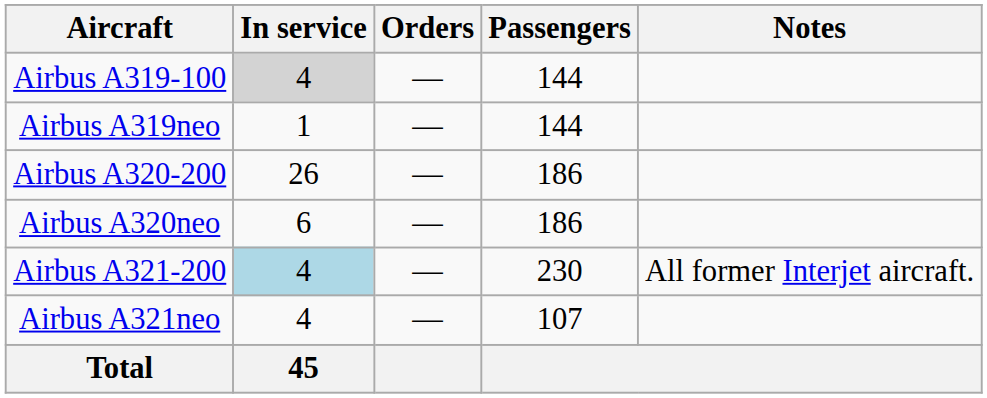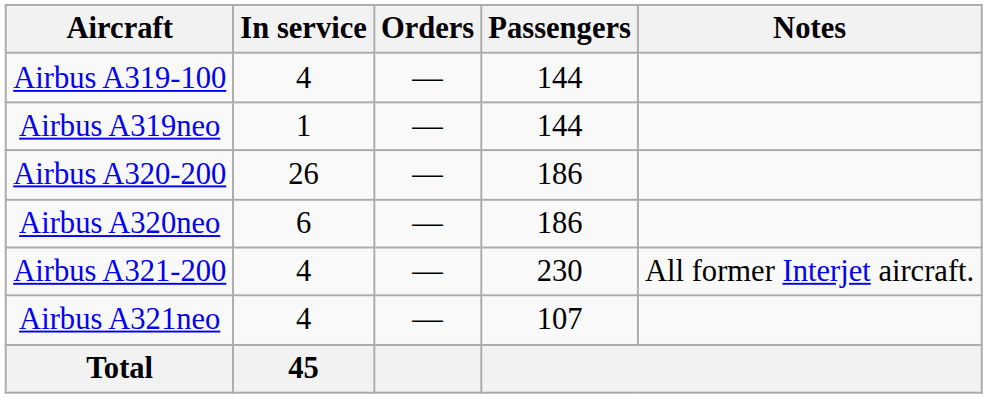 <table class="wikitable" style="margin:1em auto; border-collapse:collapse; text-align:center;">
 <tr>
 <th>Aircraft</th>
 <th>In service</th>
 <th>Orders</th>
 <th>Passengers</th>
 <th>Notes</th>
 </tr>
 <tr>
 <td><a href='#'>Airbus A319-100</a></td>
-<td style="background: lightgrey;">4</td>
+<td>4</td>
 <td>—</td>
 <td>144</td>
 <td></td>
 </tr>
 <tr>
 <td><a href='#'>Airbus A319neo</a></td>
 <td>1</td>
 <td>—</td>
 <td>144</td>
 <td></td>
 </tr>
 <tr>
 <td><a href='#'>Airbus A320-200</a></td>
 <td>26</td>
 <td>—</td>
 <td>186</td>
 <td></td>
 </tr>
 <tr>
 <td><a href='#'>Airbus A320neo</a></td>
 <td>6</td>
 <td>—</td>
 <td>186</td>
 <td></td>
 </tr>
 <tr>
 <td><a href='#'>Airbus A321-200</a></td>
-<td style="background: lightblue;">4</td>
+<td>4</td>
 <td>—</td>
 <td>230</td>
 <td>All former <a href='#'>Interjet</a> aircraft.</td>
 </tr>
 <tr>
 <td><a href='#'>Airbus A321neo</a></td>
 <td>4</td>
 <td>—</td>
 <td>107</td>
 <td></td>
 </tr>
 <tr>
 <th>Total</th>
 <th>45</th>
 <th></th>
 <th colspan="2"></th>
 </tr>
 </table>
